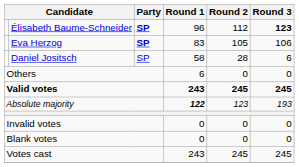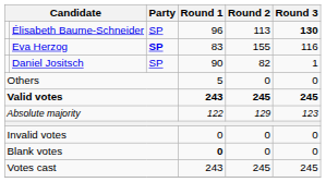 <table class="wikitable" style="text-align:right;">
 <tr>
 <th colspan=2>Candidate</th>
 <th>Party</th>
 <th>Round 1</th>
 <th>Round 2</th>
 <th>Round 3</th>
 </tr>
 <tr>
 <td style="background-color:"></td>
 <td style="text-align:left;"><a href='#'>Élisabeth Baume-Schneider</a></td>
-<td style="text-align:left;"><strong><a href='#'>SP</a></strong></td>
+<td style="text-align:left;"><a href='#'>SP</a></td>
 <td>96</td>
-<td>112</td>
-<td><strong>123</strong></td>
+<td>113</td>
+<td><strong>130</strong></td>
 </tr>
 <tr>
 <td style="background-color:"></td>
 <td style="text-align:left;"><a href='#'>Eva Herzog</a></td>
 <td style="text-align:left;"><strong><a href='#'>SP</a></strong></td>
 <td>83</td>
-<td>105</td>
-<td>106</td>
+<td>155</td>
+<td>116</td>
 </tr>
 <tr>
 <td style="background-color:"></td>
 <td style="text-align:left;"><a href='#'>Daniel Jositsch</a></td>
 <td style="text-align:left;"><a href='#'>SP</a></td>
-<td>58</td>
-<td>28</td>
-<td>6</td>
+<td>90</td>
+<td>82</td>
+<td>1</td>
 </tr>
 <tr>
 <td colspan=3 style="text-align:left;">Others</td>
-<td>6</td>
+<td>5</td>
 <td>0</td>
 <td>0</td>
 </tr>
 <tr style="font-weight:bold;">
 <td colspan=3 style="text-align:left;">Valid votes</td>
 <td>243</td>
 <td>245</td>
 <td>245</td>
 </tr>
 <tr style="font-style:italic; font-size:90%;">
 <td colspan=3 style="text-align:left;">Absolute majority</td>
-<td><strong>122</strong></td>
+<td>122</td>
+<td>129</td>
 <td>123</td>
-<td>193</td>
 </tr>
 <tr>
 <th colspan=10></th>
 </tr>
 <tr>
 <td colspan=3 style="text-align:left;">Invalid votes</td>
 <td>0</td>
 <td>0</td>
 <td>0</td>
 </tr>
 <tr>
 <td colspan=3 style="text-align:left;">Blank votes</td>
-<td>0</td>
+<td><strong>0</strong></td>
 <td>0</td>
 <td>0</td>
 </tr>
 <tr>
 <td colspan=3 style="text-align:left;">Votes cast</td>
 <td>243</td>
 <td>245</td>
 <td>245</td>
 </tr>
 <tr>
 </tr>
 </table>
